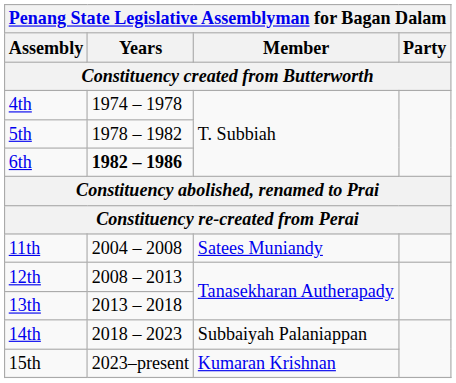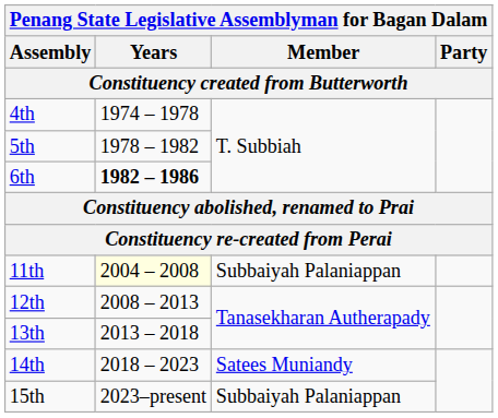 <table class="wikitable">
 <tr>
 <th colspan="4"><a href='#'>Penang State Legislative Assemblyman</a> for Bagan Dalam</th>
 </tr>
 <tr>
 <th>Assembly</th>
 <th>Years</th>
 <th>Member</th>
 <th>Party</th>
 </tr>
 <tr>
 <th colspan="4" align="center"><em>Constituency created from Butterworth</em></th>
 </tr>
 <tr>
 <td><a href='#'>4th</a></td>
 <td>1974 – 1978</td>
 <td rowspan="3">T. Subbiah</td>
 <td rowspan="3"></td>
 </tr>
 <tr>
 <td><a href='#'>5th</a></td>
 <td>1978 – 1982</td>
 </tr>
 <tr>
 <td><a href='#'>6th</a></td>
 <td><strong>1982 – 1986</strong></td>
 </tr>
 <tr>
 <th colspan=4 align=center><em>Constituency abolished, renamed to Prai</em></th>
 </tr>
 <tr>
 <th colspan=4 align=center><em>Constituency re-created from Perai</em></th>
 </tr>
 <tr>
 <td><a href='#'>11th</a></td>
-<td>2004 – 2008</td>
-<td><a href='#'>Satees Muniandy</a></td>
+<td style="background: lightyellow;">2004 – 2008</td>
+<td>Subbaiyah Palaniappan</td>
 <td></td>
 </tr>
 <tr>
 <td><a href='#'>12th</a></td>
 <td>2008 – 2013</td>
 <td rowspan="2"><a href='#'>Tanasekharan Autherapady</a></td>
 <td rowspan="2"></td>
 </tr>
 <tr>
 <td><a href='#'>13th</a></td>
 <td>2013 – 2018</td>
 </tr>
 <tr>
 <td><a href='#'>14th</a></td>
 <td>2018 – 2023</td>
-<td>Subbaiyah Palaniappan</td>
+<td><a href='#'>Satees Muniandy</a></td>
 <td rowspan=2></td>
 </tr>
 <tr>
 <td>15th</td>
 <td>2023–present</td>
-<td><a href='#'>Kumaran Krishnan</a></td>
+<td>Subbaiyah Palaniappan</td>
 </tr>
 </table>
